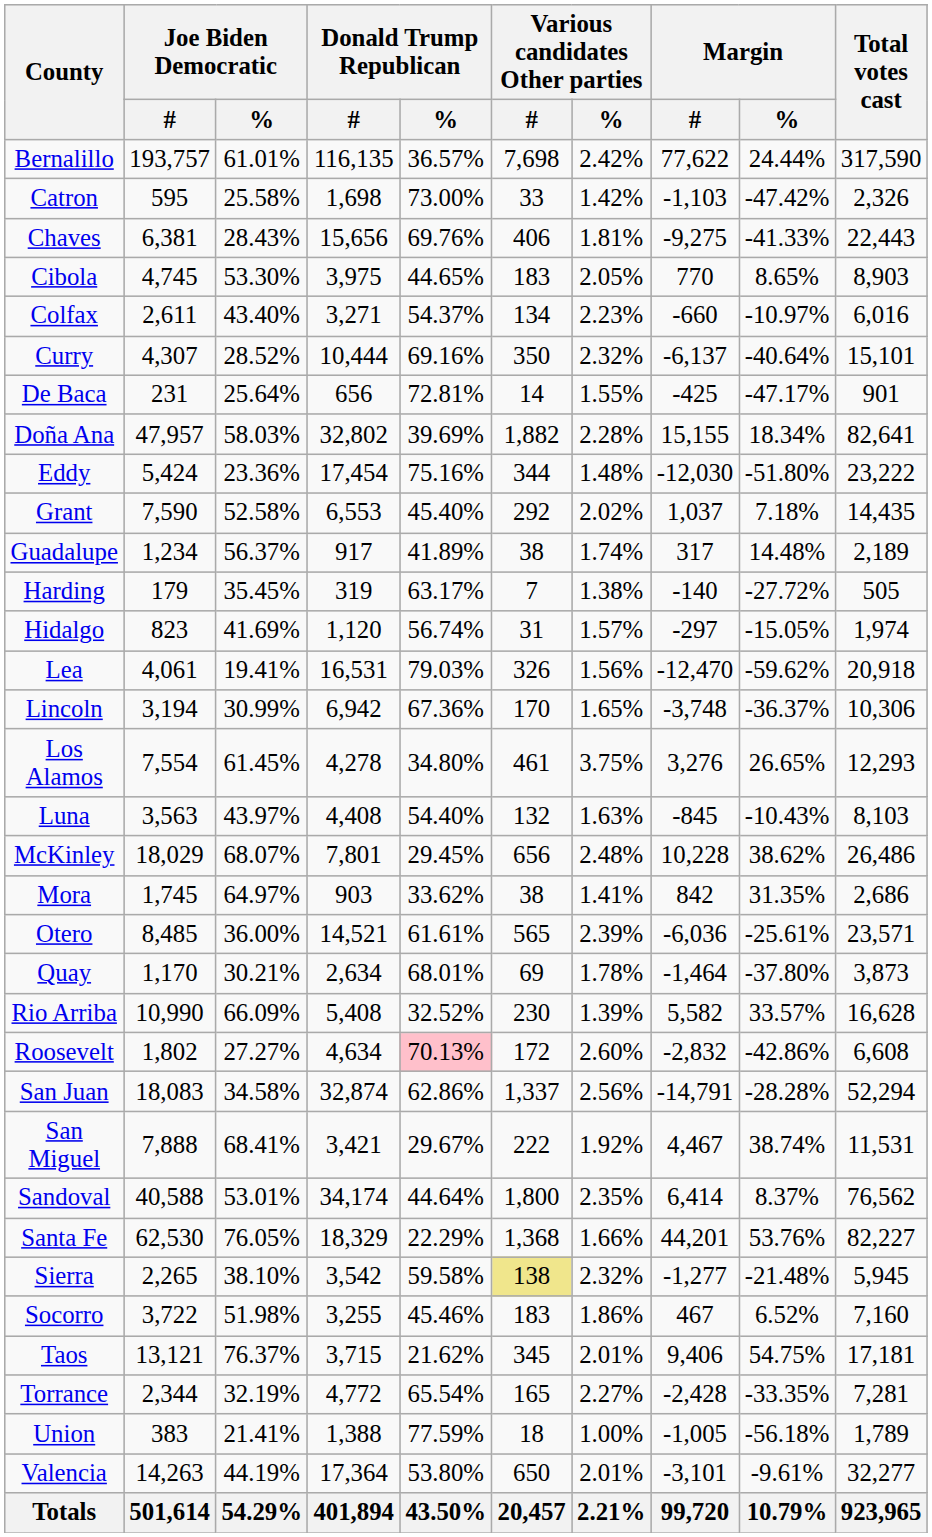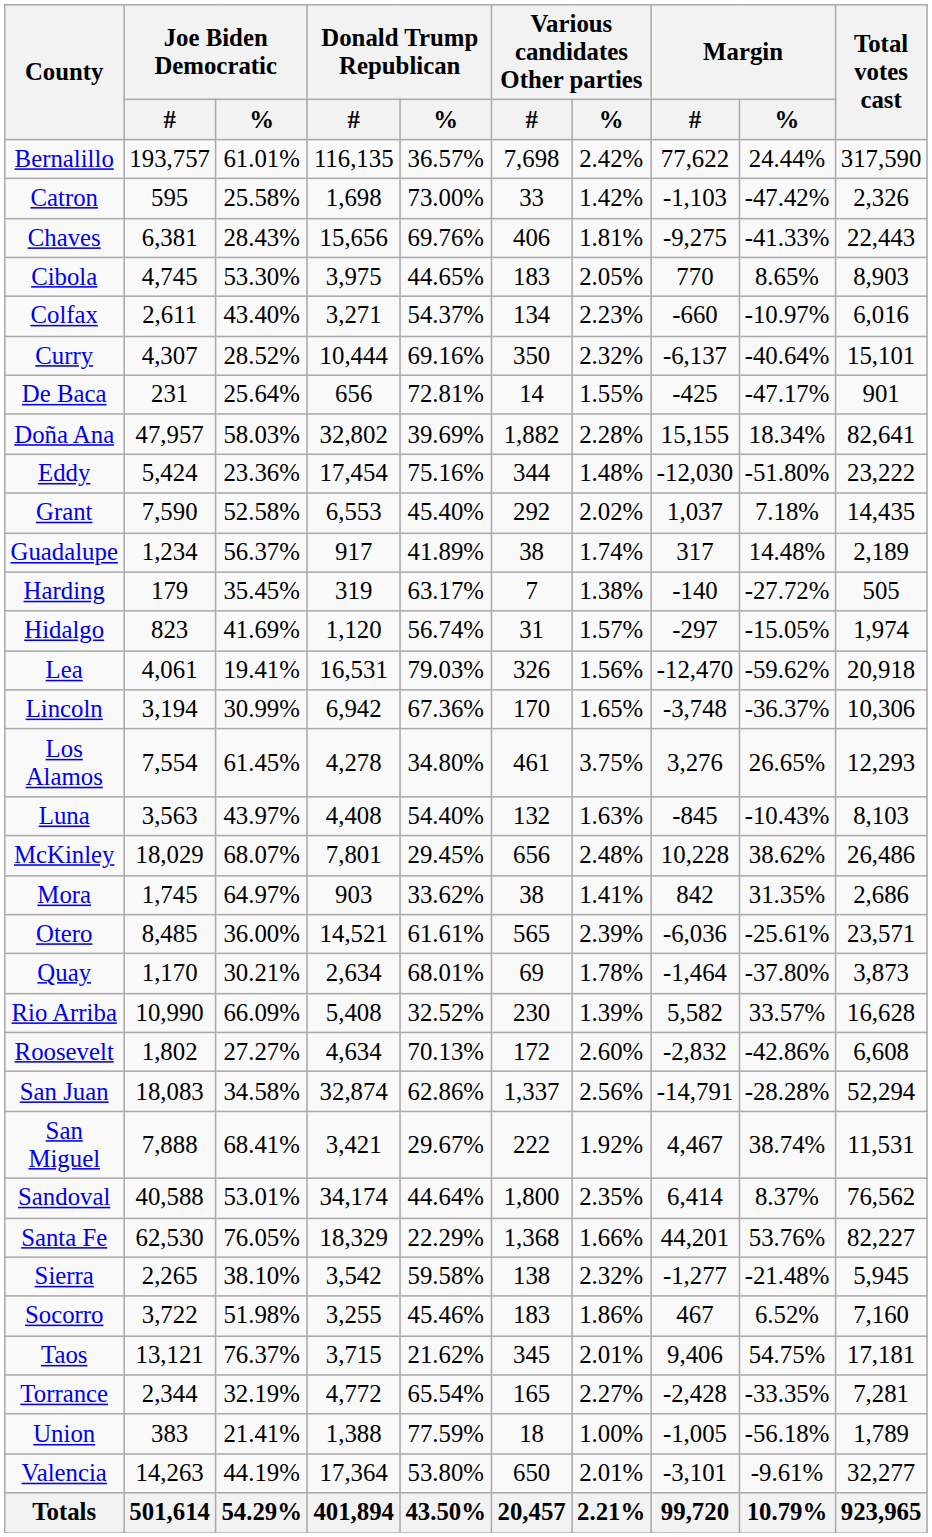 <table width="60%"  class="wikitable sortable" style="text-align:center">
 <tr>
 <th style="text-align:center;" rowspan="2">County</th>
 <th style="text-align:center;" colspan="2">Joe Biden<br>Democratic</th>
 <th style="text-align:center;" colspan="2">Donald Trump<br>Republican</th>
 <th style="text-align:center;" colspan="2">Various candidates<br>Other parties</th>
 <th style="text-align:center;" colspan="2">Margin</th>
 <th style="text-align:center;" rowspan="2">Total votes cast</th>
 </tr>
 <tr>
 <th style="text-align:center;" data-sort-type="number">#</th>
 <th style="text-align:center;" data-sort-type="number">%</th>
 <th style="text-align:center;" data-sort-type="number">#</th>
 <th style="text-align:center;" data-sort-type="number">%</th>
 <th style="text-align:center;" data-sort-type="number">#</th>
 <th style="text-align:center;" data-sort-type="number">%</th>
 <th style="text-align:center;" data-sort-type="number">#</th>
 <th style="text-align:center;" data-sort-type="number">%</th>
 </tr>
 <tr style="text-align:center;">
 <td><a href='#'>Bernalillo</a></td>
 <td>193,757</td>
 <td>61.01%</td>
 <td>116,135</td>
 <td>36.57%</td>
 <td>7,698</td>
 <td>2.42%</td>
 <td>77,622</td>
 <td>24.44%</td>
 <td>317,590</td>
 </tr>
 <tr style="text-align:center;">
 <td><a href='#'>Catron</a></td>
 <td>595</td>
 <td>25.58%</td>
 <td>1,698</td>
 <td>73.00%</td>
 <td>33</td>
 <td>1.42%</td>
 <td>-1,103</td>
 <td>-47.42%</td>
 <td>2,326</td>
 </tr>
 <tr style="text-align:center;">
 <td><a href='#'>Chaves</a></td>
 <td>6,381</td>
 <td>28.43%</td>
 <td>15,656</td>
 <td>69.76%</td>
 <td>406</td>
 <td>1.81%</td>
 <td>-9,275</td>
 <td>-41.33%</td>
 <td>22,443</td>
 </tr>
 <tr style="text-align:center;">
 <td><a href='#'>Cibola</a></td>
 <td>4,745</td>
 <td>53.30%</td>
 <td>3,975</td>
 <td>44.65%</td>
 <td>183</td>
 <td>2.05%</td>
 <td>770</td>
 <td>8.65%</td>
 <td>8,903</td>
 </tr>
 <tr style="text-align:center;">
 <td><a href='#'>Colfax</a></td>
 <td>2,611</td>
 <td>43.40%</td>
 <td>3,271</td>
 <td>54.37%</td>
 <td>134</td>
 <td>2.23%</td>
 <td>-660</td>
 <td>-10.97%</td>
 <td>6,016</td>
 </tr>
 <tr style="text-align:center;">
 <td><a href='#'>Curry</a></td>
 <td>4,307</td>
 <td>28.52%</td>
 <td>10,444</td>
 <td>69.16%</td>
 <td>350</td>
 <td>2.32%</td>
 <td>-6,137</td>
 <td>-40.64%</td>
 <td>15,101</td>
 </tr>
 <tr style="text-align:center;">
 <td><a href='#'>De Baca</a></td>
 <td>231</td>
 <td>25.64%</td>
 <td>656</td>
 <td>72.81%</td>
 <td>14</td>
 <td>1.55%</td>
 <td>-425</td>
 <td>-47.17%</td>
 <td>901</td>
 </tr>
 <tr style="text-align:center;">
 <td><a href='#'>Doña Ana</a></td>
 <td>47,957</td>
 <td>58.03%</td>
 <td>32,802</td>
 <td>39.69%</td>
 <td>1,882</td>
 <td>2.28%</td>
 <td>15,155</td>
 <td>18.34%</td>
 <td>82,641</td>
 </tr>
 <tr style="text-align:center;">
 <td><a href='#'>Eddy</a></td>
 <td>5,424</td>
 <td>23.36%</td>
 <td>17,454</td>
 <td>75.16%</td>
 <td>344</td>
 <td>1.48%</td>
 <td>-12,030</td>
 <td>-51.80%</td>
 <td>23,222</td>
 </tr>
 <tr style="text-align:center;">
 <td><a href='#'>Grant</a></td>
 <td>7,590</td>
 <td>52.58%</td>
 <td>6,553</td>
 <td>45.40%</td>
 <td>292</td>
 <td>2.02%</td>
 <td>1,037</td>
 <td>7.18%</td>
 <td>14,435</td>
 </tr>
 <tr style="text-align:center;">
 <td><a href='#'>Guadalupe</a></td>
 <td>1,234</td>
 <td>56.37%</td>
 <td>917</td>
 <td>41.89%</td>
 <td>38</td>
 <td>1.74%</td>
 <td>317</td>
 <td>14.48%</td>
 <td>2,189</td>
 </tr>
 <tr style="text-align:center;">
 <td><a href='#'>Harding</a></td>
 <td>179</td>
 <td>35.45%</td>
 <td>319</td>
 <td>63.17%</td>
 <td>7</td>
 <td>1.38%</td>
 <td>-140</td>
 <td>-27.72%</td>
 <td>505</td>
 </tr>
 <tr style="text-align:center;">
 <td><a href='#'>Hidalgo</a></td>
 <td>823</td>
 <td>41.69%</td>
 <td>1,120</td>
 <td>56.74%</td>
 <td>31</td>
 <td>1.57%</td>
 <td>-297</td>
 <td>-15.05%</td>
 <td>1,974</td>
 </tr>
 <tr style="text-align:center;">
 <td><a href='#'>Lea</a></td>
 <td>4,061</td>
 <td>19.41%</td>
 <td>16,531</td>
 <td>79.03%</td>
 <td>326</td>
 <td>1.56%</td>
 <td>-12,470</td>
 <td>-59.62%</td>
 <td>20,918</td>
 </tr>
 <tr style="text-align:center;">
 <td><a href='#'>Lincoln</a></td>
 <td>3,194</td>
 <td>30.99%</td>
 <td>6,942</td>
 <td>67.36%</td>
 <td>170</td>
 <td>1.65%</td>
 <td>-3,748</td>
 <td>-36.37%</td>
 <td>10,306</td>
 </tr>
 <tr style="text-align:center;">
 <td><a href='#'>Los Alamos</a></td>
 <td>7,554</td>
 <td>61.45%</td>
 <td>4,278</td>
 <td>34.80%</td>
 <td>461</td>
 <td>3.75%</td>
 <td>3,276</td>
 <td>26.65%</td>
 <td>12,293</td>
 </tr>
 <tr style="text-align:center;">
 <td><a href='#'>Luna</a></td>
 <td>3,563</td>
 <td>43.97%</td>
 <td>4,408</td>
 <td>54.40%</td>
 <td>132</td>
 <td>1.63%</td>
 <td>-845</td>
 <td>-10.43%</td>
 <td>8,103</td>
 </tr>
 <tr style="text-align:center;">
 <td><a href='#'>McKinley</a></td>
 <td>18,029</td>
 <td>68.07%</td>
 <td>7,801</td>
 <td>29.45%</td>
 <td>656</td>
 <td>2.48%</td>
 <td>10,228</td>
 <td>38.62%</td>
 <td>26,486</td>
 </tr>
 <tr style="text-align:center;">
 <td><a href='#'>Mora</a></td>
 <td>1,745</td>
 <td>64.97%</td>
 <td>903</td>
 <td>33.62%</td>
 <td>38</td>
 <td>1.41%</td>
 <td>842</td>
 <td>31.35%</td>
 <td>2,686</td>
 </tr>
 <tr style="text-align:center;">
 <td><a href='#'>Otero</a></td>
 <td>8,485</td>
 <td>36.00%</td>
 <td>14,521</td>
 <td>61.61%</td>
 <td>565</td>
 <td>2.39%</td>
 <td>-6,036</td>
 <td>-25.61%</td>
 <td>23,571</td>
 </tr>
 <tr style="text-align:center;">
 <td><a href='#'>Quay</a></td>
 <td>1,170</td>
 <td>30.21%</td>
 <td>2,634</td>
 <td>68.01%</td>
 <td>69</td>
 <td>1.78%</td>
 <td>-1,464</td>
 <td>-37.80%</td>
 <td>3,873</td>
 </tr>
 <tr style="text-align:center;">
 <td><a href='#'>Rio Arriba</a></td>
 <td>10,990</td>
 <td>66.09%</td>
 <td>5,408</td>
 <td>32.52%</td>
 <td>230</td>
 <td>1.39%</td>
 <td>5,582</td>
 <td>33.57%</td>
 <td>16,628</td>
 </tr>
 <tr style="text-align:center;">
 <td><a href='#'>Roosevelt</a></td>
 <td>1,802</td>
 <td>27.27%</td>
 <td>4,634</td>
-<td style="background: pink;">70.13%</td>
+<td>70.13%</td>
 <td>172</td>
 <td>2.60%</td>
 <td>-2,832</td>
 <td>-42.86%</td>
 <td>6,608</td>
 </tr>
 <tr style="text-align:center;">
 <td><a href='#'>San Juan</a></td>
 <td>18,083</td>
 <td>34.58%</td>
 <td>32,874</td>
 <td>62.86%</td>
 <td>1,337</td>
 <td>2.56%</td>
 <td>-14,791</td>
 <td>-28.28%</td>
 <td>52,294</td>
 </tr>
 <tr style="text-align:center;">
 <td><a href='#'>San Miguel</a></td>
 <td>7,888</td>
 <td>68.41%</td>
 <td>3,421</td>
 <td>29.67%</td>
 <td>222</td>
 <td>1.92%</td>
 <td>4,467</td>
 <td>38.74%</td>
 <td>11,531</td>
 </tr>
 <tr style="text-align:center;">
 <td><a href='#'>Sandoval</a></td>
 <td>40,588</td>
 <td>53.01%</td>
 <td>34,174</td>
 <td>44.64%</td>
 <td>1,800</td>
 <td>2.35%</td>
 <td>6,414</td>
 <td>8.37%</td>
 <td>76,562</td>
 </tr>
 <tr style="text-align:center;">
 <td><a href='#'>Santa Fe</a></td>
 <td>62,530</td>
 <td>76.05%</td>
 <td>18,329</td>
 <td>22.29%</td>
 <td>1,368</td>
 <td>1.66%</td>
 <td>44,201</td>
 <td>53.76%</td>
 <td>82,227</td>
 </tr>
 <tr style="text-align:center;">
 <td><a href='#'>Sierra</a></td>
 <td>2,265</td>
 <td>38.10%</td>
 <td>3,542</td>
 <td>59.58%</td>
-<td style="background: khaki;">138</td>
+<td>138</td>
 <td>2.32%</td>
 <td>-1,277</td>
 <td>-21.48%</td>
 <td>5,945</td>
 </tr>
 <tr style="text-align:center;">
 <td><a href='#'>Socorro</a></td>
 <td>3,722</td>
 <td>51.98%</td>
 <td>3,255</td>
 <td>45.46%</td>
 <td>183</td>
 <td>1.86%</td>
 <td>467</td>
 <td>6.52%</td>
 <td>7,160</td>
 </tr>
 <tr style="text-align:center;">
 <td><a href='#'>Taos</a></td>
 <td>13,121</td>
 <td>76.37%</td>
 <td>3,715</td>
 <td>21.62%</td>
 <td>345</td>
 <td>2.01%</td>
 <td>9,406</td>
 <td>54.75%</td>
 <td>17,181</td>
 </tr>
 <tr style="text-align:center;">
 <td><a href='#'>Torrance</a></td>
 <td>2,344</td>
 <td>32.19%</td>
 <td>4,772</td>
 <td>65.54%</td>
 <td>165</td>
 <td>2.27%</td>
 <td>-2,428</td>
 <td>-33.35%</td>
 <td>7,281</td>
 </tr>
 <tr style="text-align:center;">
 <td><a href='#'>Union</a></td>
 <td>383</td>
 <td>21.41%</td>
 <td>1,388</td>
 <td>77.59%</td>
 <td>18</td>
 <td>1.00%</td>
 <td>-1,005</td>
 <td>-56.18%</td>
 <td>1,789</td>
 </tr>
 <tr style="text-align:center;">
 <td><a href='#'>Valencia</a></td>
 <td>14,263</td>
 <td>44.19%</td>
 <td>17,364</td>
 <td>53.80%</td>
 <td>650</td>
 <td>2.01%</td>
 <td>-3,101</td>
 <td>-9.61%</td>
 <td>32,277</td>
 </tr>
 <tr>
 <th>Totals</th>
 <th>501,614</th>
 <th>54.29%</th>
 <th>401,894</th>
 <th>43.50%</th>
 <th>20,457</th>
 <th>2.21%</th>
 <th>99,720</th>
 <th>10.79%</th>
 <th>923,965</th>
 </tr>
 </table>
